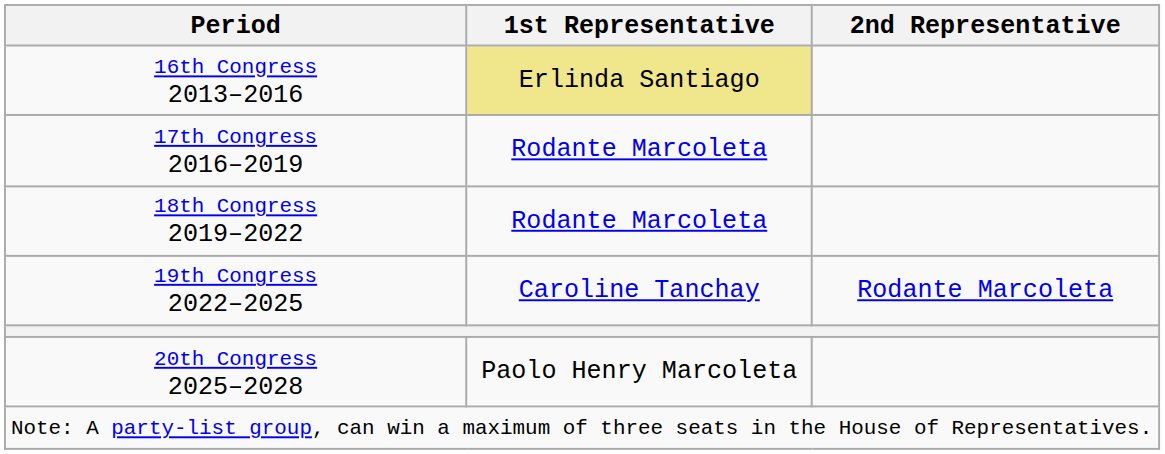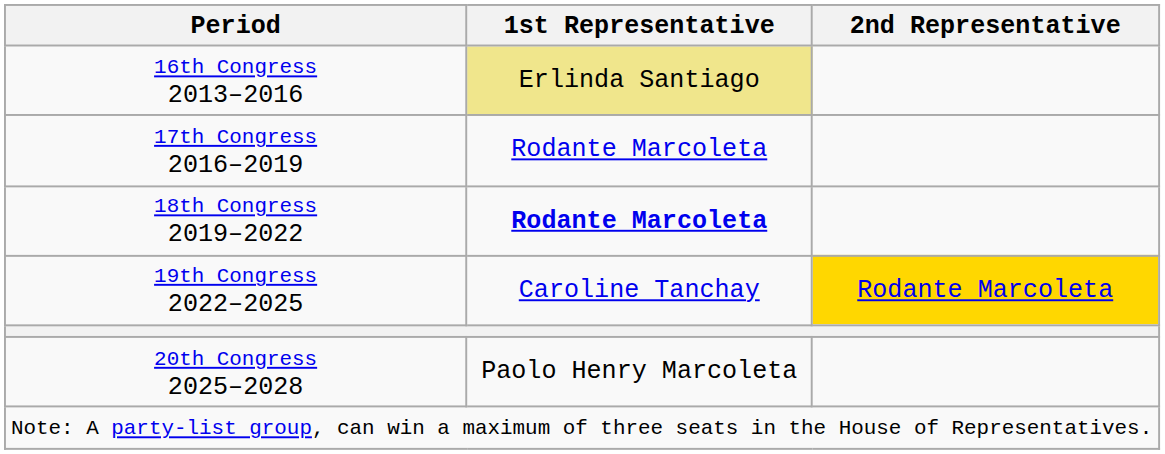 <table class="wikitable"; style="text-align:center">
 <tr>
 <th>Period</th>
 <th width=30%>1st Representative</th>
 <th width=30%>2nd Representative</th>
 </tr>
 <tr>
 <td><small><a href='#'>16th Congress</a></small><br>2013–2016</td>
 <td style="background: khaki;">Erlinda Santiago</td>
 <td></td>
 </tr>
 <tr>
 <td><small><a href='#'>17th Congress</a></small><br>2016–2019</td>
 <td><a href='#'>Rodante Marcoleta</a></td>
 <td></td>
 </tr>
 <tr>
 <td><small><a href='#'>18th Congress</a></small><br>2019–2022</td>
-<td><a href='#'>Rodante Marcoleta</a></td>
+<td><strong><a href='#'>Rodante Marcoleta</a></strong></td>
 <td></td>
 </tr>
 <tr>
 <td><small><a href='#'>19th Congress</a></small><br>2022–2025</td>
 <td><a href='#'>Caroline Tanchay</a></td>
-<td><a href='#'>Rodante Marcoleta</a></td>
+<td style="background: gold;"><a href='#'>Rodante Marcoleta</a></td>
 </tr>
 <tr>
 <th colspan=3></th>
 </tr>
 <tr>
 <td><small><a href='#'>20th Congress</a></small><br>2025–2028<br></td>
 <td>Paolo Henry Marcoleta</td>
 <td></td>
 </tr>
 <tr>
 <td colspan=3><small>Note: A <a href='#'>party-list group</a>, can win a maximum of three seats in the House of Representatives.</small></td>
 </tr>
 </table>
